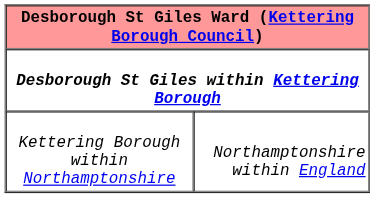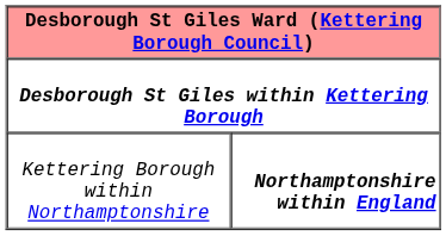 <table border=1 cellpadding="2" cellspacing="0" align="right" width=300>
 <tr>
 <th colspan=2 align=center bgcolor="#ff9999"><strong>Desborough St Giles</strong> Ward (<a href='#'>Kettering Borough Council</a>)</th>
 </tr>
 <tr>
 <th colspan=2 alignn=center><br><em>Desborough St Giles within <a href='#'>Kettering Borough</a></em></th>
 </tr>
 <tr>
 <td align=center><br><em>Kettering Borough within <a href='#'>Northamptonshire</a></em></td>
-<td align=right><br><em>Northamptonshire within <a href='#'>England</a></em></td>
+<td align=right><strong><br><em>Northamptonshire within <a href='#'>England</a></em></strong></td>
 </tr>
 </table>
